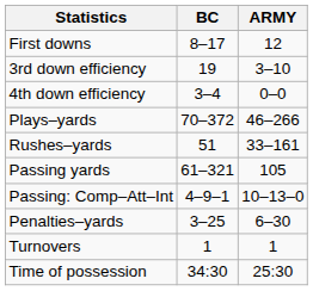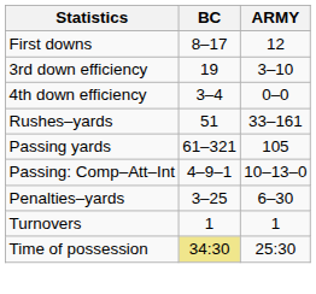 <table class="wikitable">
 <tr>
 <th>Statistics</th>
 <th>BC</th>
 <th>ARMY</th>
 </tr>
 <tr>
 <td>First downs</td>
 <td align=center>8–17</td>
 <td align=center>12</td>
 </tr>
 <tr>
 <td>3rd down efficiency</td>
 <td align=center>19</td>
 <td align=center>3–10</td>
 </tr>
 <tr>
 <td>4th down efficiency</td>
 <td align=center>3–4</td>
 <td align=center>0–0</td>
-</tr>
-<tr>
-<td>Plays–yards</td>
-<td align=center>70–372</td>
-<td align=center>46–266</td>
 </tr>
 <tr>
 <td>Rushes–yards</td>
 <td align=center>51</td>
 <td align=center>33–161</td>
 </tr>
 <tr>
 <td>Passing yards</td>
 <td align=center>61–321</td>
 <td align=center>105</td>
 </tr>
 <tr>
 <td>Passing: Comp–Att–Int</td>
 <td align=center>4–9–1</td>
 <td align=center>10–13–0</td>
 </tr>
 <tr>
 <td>Penalties–yards</td>
 <td align=center>3–25</td>
 <td align=center>6–30</td>
 </tr>
 <tr>
 <td>Turnovers</td>
 <td align=center>1</td>
 <td align=center>1</td>
 </tr>
 <tr>
 <td>Time of possession</td>
-<td align=center>34:30</td>
+<td align=center style="background: khaki;">34:30</td>
 <td align=center>25:30</td>
 </tr>
 </table>
